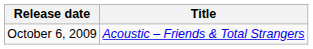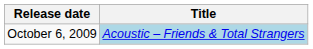 <table class="wikitable">
 <tr>
 <th>Release date</th>
 <th>Title</th>
 </tr>
 <tr>
 <td>October 6, 2009</td>
-<td><em><a href='#'>Acoustic – Friends & Total Strangers</a></em></td>
+<td style="background: lightblue;"><em><a href='#'>Acoustic – Friends & Total Strangers</a></em></td>
 </tr>
 </table>
